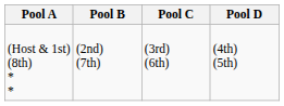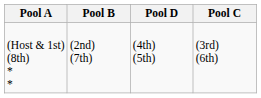 <table class="wikitable">
 <tr>
 <th width=25%>Pool A</th>
 <th width=25%>Pool B</th>
+<th width=25%>Pool D</th>
 <th width=25%>Pool C</th>
-<th width=25%>Pool D</th>
 </tr>
 <tr>
 <td valign=top><br> (Host & 1st)<br>  (8th) <br> <s></s> *<br> <s></s> *</td>
 <td valign=top><br> (2nd)<br>  (7th)<br> </td>
+<td valign=top><br> (4th)<br>  (5th)<br> </td>
 <td valign=top><br> (3rd)<br>  (6th)<br> </td>
-<td valign=top><br> (4th)<br>  (5th)<br> </td>
 </tr>
 </table>
